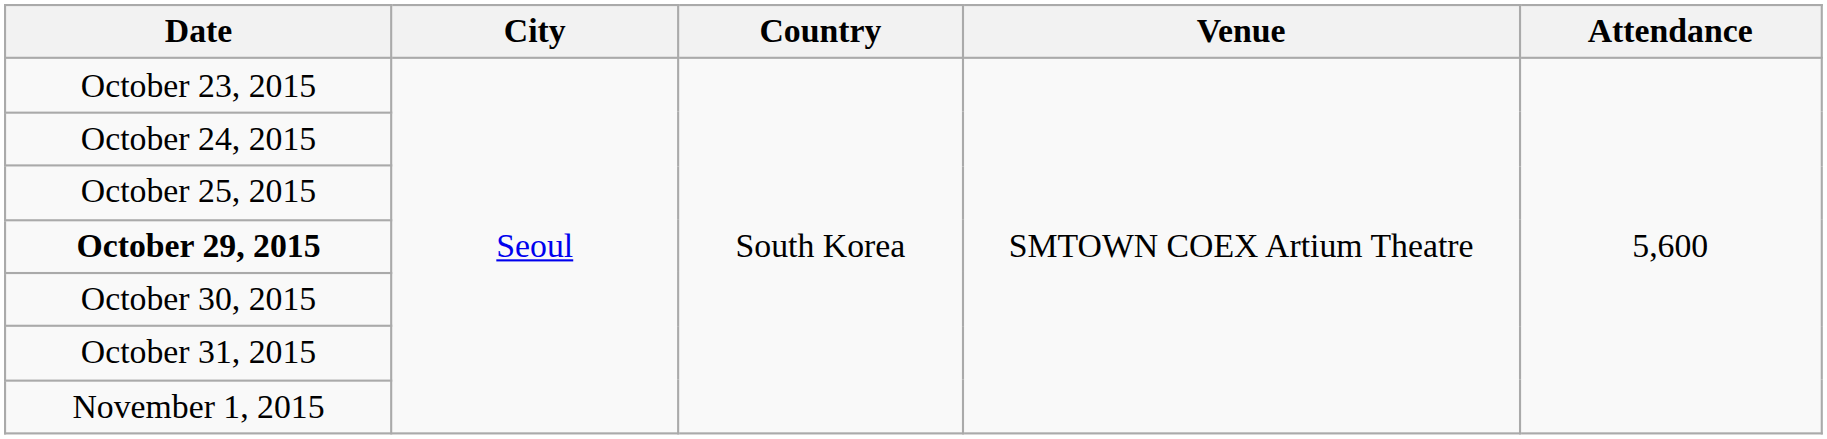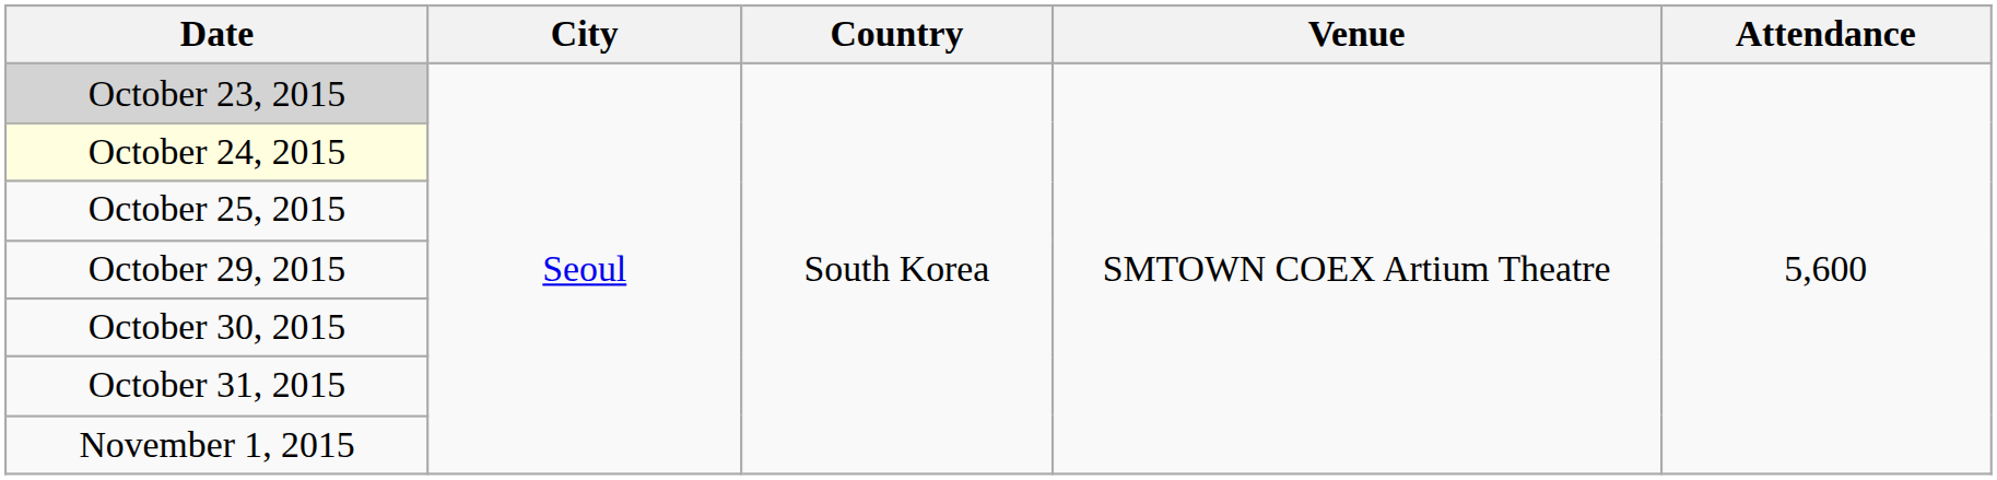 <table class="wikitable" style="text-align:center;">
 <tr>
 <th scope="col" style="width:11em;">Date</th>
 <th scope="col" style="width:8em;">City</th>
 <th scope="col" style="width:8em;">Country</th>
 <th scope="col" style="width:16em;">Venue</th>
 <th scope="col" style="width:8.5em;">Attendance</th>
 </tr>
 <tr>
-<td>October 23, 2015</td>
+<td style="background: lightgrey;">October 23, 2015</td>
 <td rowspan="7"><a href='#'>Seoul</a></td>
 <td rowspan="7">South Korea</td>
 <td rowspan="7">SMTOWN COEX Artium Theatre</td>
 <td rowspan="7">5,600</td>
 </tr>
 <tr>
-<td>October 24, 2015</td>
+<td style="background: lightyellow;">October 24, 2015</td>
 </tr>
 <tr>
 <td>October 25, 2015</td>
 </tr>
 <tr>
-<td><strong>October 29, 2015</strong></td>
+<td>October 29, 2015</td>
 </tr>
 <tr>
 <td>October 30, 2015</td>
 </tr>
 <tr>
 <td>October 31, 2015</td>
 </tr>
 <tr>
 <td>November 1, 2015</td>
 </tr>
 </table>
